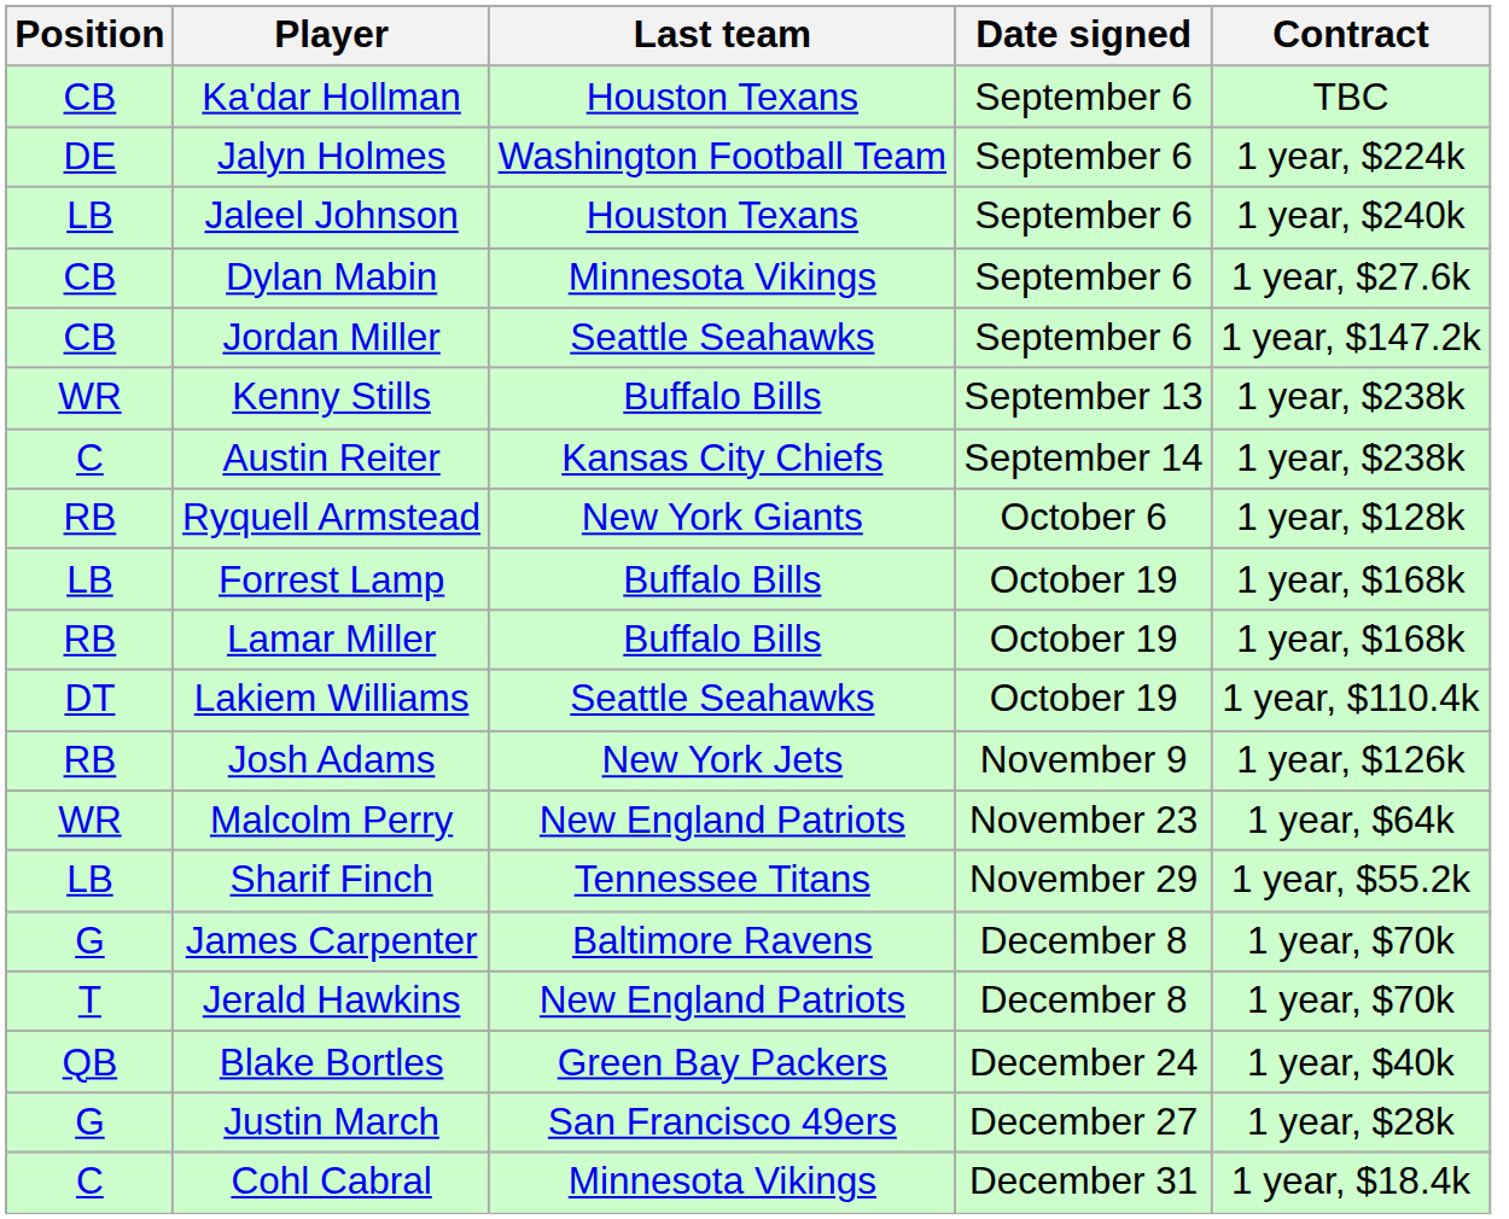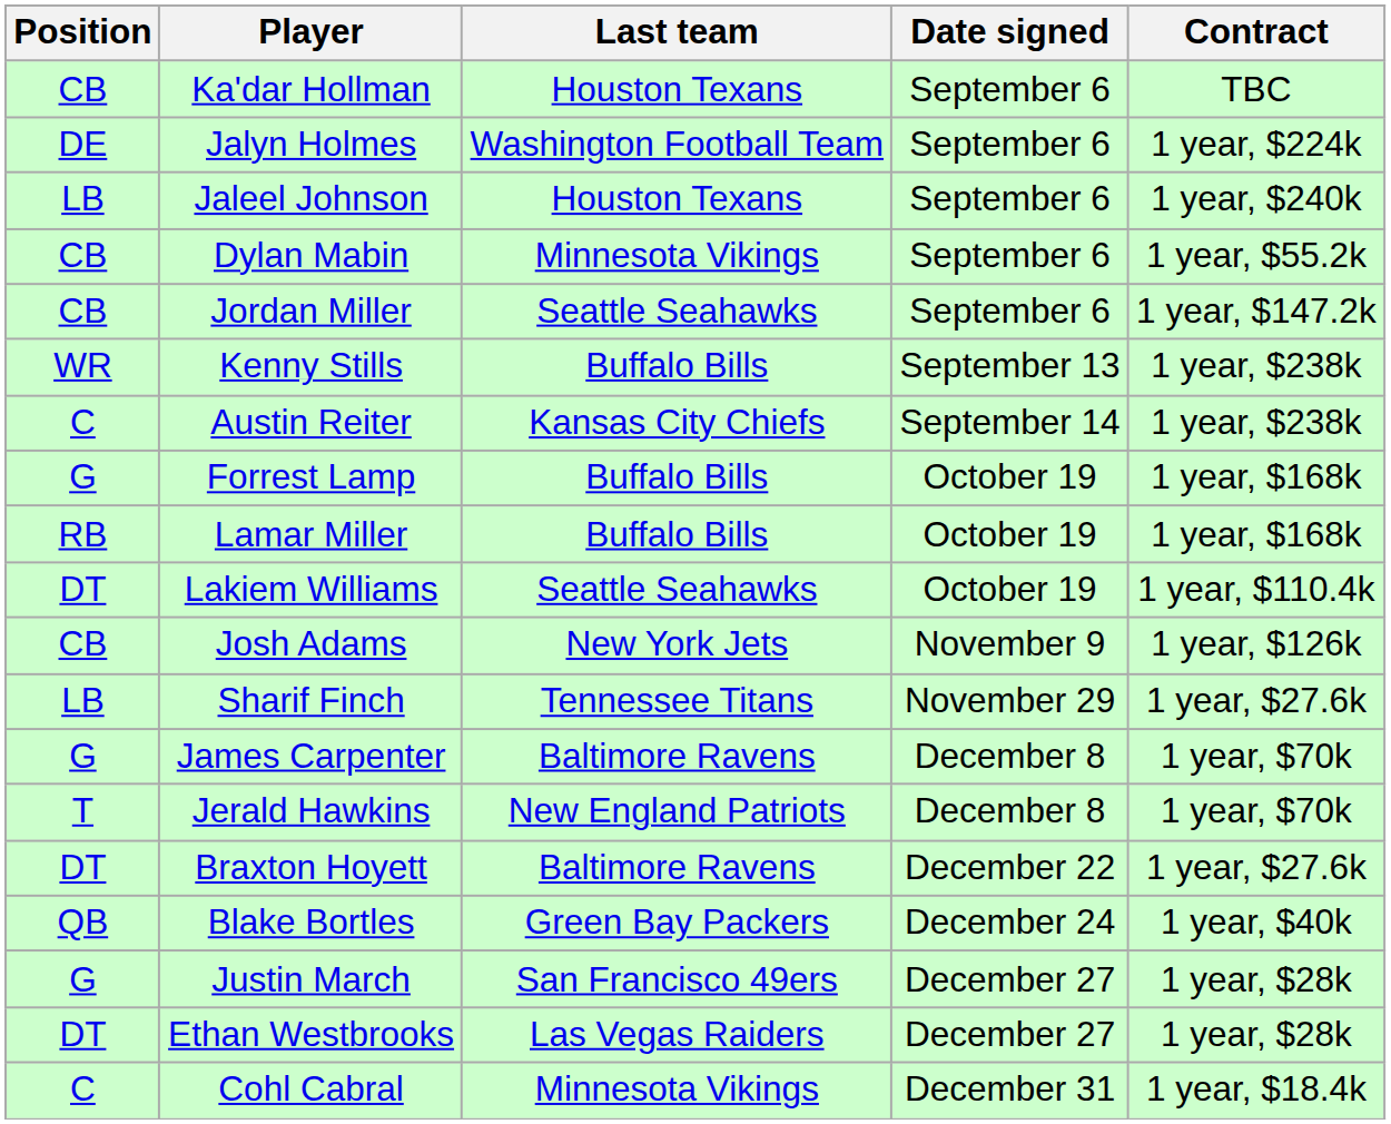 <table class="wikitable" style="text-align:center">
 <tr>
 <th>Position</th>
 <th>Player</th>
 <th>Last team</th>
 <th>Date signed</th>
 <th>Contract</th>
 </tr>
 <tr style="background:#cfc">
 <td><a href='#'>CB</a></td>
 <td><a href='#'>Ka'dar Hollman</a></td>
 <td><a href='#'>Houston Texans</a></td>
 <td>September 6</td>
 <td>TBC</td>
 </tr>
 <tr style="background:#cfc">
 <td><a href='#'>DE</a></td>
 <td><a href='#'>Jalyn Holmes</a></td>
 <td><a href='#'>Washington Football Team</a></td>
 <td>September 6</td>
 <td>1 year, $224k</td>
 </tr>
 <tr style="background:#cfc">
 <td><a href='#'>LB</a></td>
 <td><a href='#'>Jaleel Johnson</a></td>
 <td><a href='#'>Houston Texans</a></td>
 <td>September 6</td>
 <td>1 year, $240k</td>
 </tr>
 <tr style="background:#cfc">
 <td><a href='#'>CB</a></td>
 <td><a href='#'>Dylan Mabin</a></td>
 <td><a href='#'>Minnesota Vikings</a></td>
 <td>September 6</td>
-<td>1 year, $27.6k</td>
+<td>1 year, $55.2k</td>
 </tr>
 <tr style="background:#cfc">
 <td><a href='#'>CB</a></td>
 <td><a href='#'>Jordan Miller</a></td>
 <td><a href='#'>Seattle Seahawks</a></td>
 <td>September 6</td>
 <td>1 year, $147.2k</td>
 </tr>
 <tr style="background:#cfc">
 <td><a href='#'>WR</a></td>
 <td><a href='#'>Kenny Stills</a></td>
 <td><a href='#'>Buffalo Bills</a></td>
 <td>September 13</td>
 <td>1 year, $238k</td>
 </tr>
 <tr style="background:#cfc">
 <td><a href='#'>C</a></td>
 <td><a href='#'>Austin Reiter</a></td>
 <td><a href='#'>Kansas City Chiefs</a></td>
 <td>September 14</td>
 <td>1 year, $238k</td>
 </tr>
 <tr style="background:#cfc">
-<td><a href='#'>RB</a></td>
-<td><a href='#'>Ryquell Armstead</a></td>
-<td><a href='#'>New York Giants</a></td>
-<td>October 6</td>
-<td>1 year, $128k</td>
-</tr>
-<tr style="background:#cfc">
-<td><a href='#'>LB</a></td>
+<td><a href='#'>G</a></td>
 <td><a href='#'>Forrest Lamp</a></td>
 <td><a href='#'>Buffalo Bills</a></td>
 <td>October 19</td>
 <td>1 year, $168k</td>
 </tr>
 <tr style="background:#cfc">
 <td><a href='#'>RB</a></td>
 <td><a href='#'>Lamar Miller</a></td>
 <td><a href='#'>Buffalo Bills</a></td>
 <td>October 19</td>
 <td>1 year, $168k</td>
 </tr>
 <tr style="background:#cfc">
 <td><a href='#'>DT</a></td>
 <td><a href='#'>Lakiem Williams</a></td>
 <td><a href='#'>Seattle Seahawks</a></td>
 <td>October 19</td>
 <td>1 year, $110.4k</td>
 </tr>
 <tr style="background:#cfc">
-<td><a href='#'>RB</a></td>
+<td><a href='#'>CB</a></td>
 <td><a href='#'>Josh Adams</a></td>
 <td><a href='#'>New York Jets</a></td>
 <td>November 9</td>
 <td>1 year, $126k</td>
 </tr>
 <tr style="background:#cfc">
-<td><a href='#'>WR</a></td>
-<td><a href='#'>Malcolm Perry</a></td>
-<td><a href='#'>New England Patriots</a></td>
-<td>November 23</td>
-<td>1 year, $64k</td>
-</tr>
-<tr style="background:#cfc">
 <td><a href='#'>LB</a></td>
 <td><a href='#'>Sharif Finch</a></td>
 <td><a href='#'>Tennessee Titans</a></td>
 <td>November 29</td>
-<td>1 year, $55.2k</td>
+<td>1 year, $27.6k</td>
 </tr>
 <tr style="background:#cfc">
 <td><a href='#'>G</a></td>
 <td><a href='#'>James Carpenter</a></td>
 <td><a href='#'>Baltimore Ravens</a></td>
 <td>December 8</td>
 <td>1 year, $70k</td>
 </tr>
 <tr style="background:#cfc">
 <td><a href='#'>T</a></td>
 <td><a href='#'>Jerald Hawkins</a></td>
 <td><a href='#'>New England Patriots</a></td>
 <td>December 8</td>
 <td>1 year, $70k</td>
 </tr>
 <tr style="background:#cfc">
+<td><a href='#'>DT</a></td>
+<td><a href='#'>Braxton Hoyett</a></td>
+<td><a href='#'>Baltimore Ravens</a></td>
+<td>December 22</td>
+<td>1 year, $27.6k</td>
+</tr>
+<tr style="background:#cfc">
 <td><a href='#'>QB</a></td>
 <td><a href='#'>Blake Bortles</a></td>
 <td><a href='#'>Green Bay Packers</a></td>
 <td>December 24</td>
 <td>1 year, $40k</td>
 </tr>
 <tr style="background:#cfc">
 <td><a href='#'>G</a></td>
 <td><a href='#'>Justin March</a></td>
 <td><a href='#'>San Francisco 49ers</a></td>
 <td>December 27</td>
 <td>1 year, $28k</td>
 </tr>
 <tr style="background:#cfc">
+<td><a href='#'>DT</a></td>
+<td><a href='#'>Ethan Westbrooks</a></td>
+<td><a href='#'>Las Vegas Raiders</a></td>
+<td>December 27</td>
+<td>1 year, $28k</td>
+</tr>
+<tr style="background:#cfc">
 <td><a href='#'>C</a></td>
 <td><a href='#'>Cohl Cabral</a></td>
 <td><a href='#'>Minnesota Vikings</a></td>
 <td>December 31</td>
 <td>1 year, $18.4k</td>
 </tr>
 </table>
